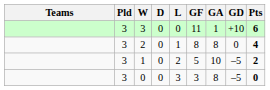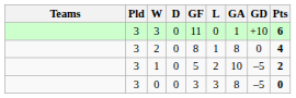 <table class="wikitable" style="text-align: center;">
 <tr>
 <th width=165>Teams</th>
 <th width=20>Pld</th>
 <th width=20>W</th>
 <th width=20>D</th>
+<th width=20>GF</th>
 <th width=20>L</th>
-<th width=20>GF</th>
 <th width=20>GA</th>
 <th width=20>GD</th>
 <th width=20>Pts</th>
 </tr>
 <tr align=center style="background:#ccffcc;">
 <td style="text-align:left;"></td>
 <td>3</td>
 <td>3</td>
 <td>0</td>
+<td>11</td>
 <td>0</td>
-<td>11</td>
 <td>1</td>
 <td>+10</td>
 <td><strong>6</strong></td>
 </tr>
 <tr>
 <td style="text-align:left;"></td>
 <td>3</td>
 <td>2</td>
 <td>0</td>
+<td>8</td>
 <td>1</td>
-<td>8</td>
 <td>8</td>
 <td>0</td>
 <td><strong>4</strong></td>
 </tr>
 <tr align=center>
 <td style="text-align:left;"></td>
 <td>3</td>
 <td>1</td>
 <td>0</td>
+<td>5</td>
 <td>2</td>
-<td>5</td>
 <td>10</td>
 <td>–5</td>
 <td><strong>2</strong></td>
 </tr>
 <tr align=center>
 <td style="text-align:left;"></td>
 <td>3</td>
 <td>0</td>
 <td>0</td>
 <td>3</td>
 <td>3</td>
 <td>8</td>
 <td>–5</td>
 <td><strong>0</strong></td>
 </tr>
 </table>
